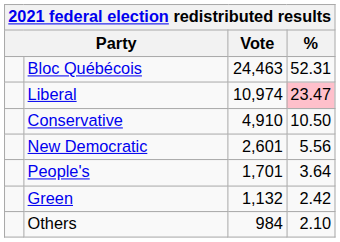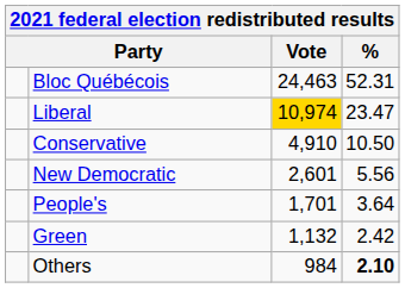 <table class="wikitable">
 <tr>
 <th colspan="4"><a href='#'>2021 federal election</a> redistributed results</th>
 </tr>
 <tr>
 <th bgcolor="#DDDDFF" width="130px" colspan="2">Party</th>
 <th bgcolor="#DDDDFF" width="50px">Vote</th>
 <th bgcolor="#DDDDFF" width="30px">%</th>
 </tr>
 <tr>
 <td> </td>
 <td><a href='#'>Bloc Québécois</a></td>
 <td align=right>24,463</td>
 <td align=right>52.31</td>
 </tr>
 <tr>
 <td> </td>
 <td><a href='#'>Liberal</a></td>
-<td align=right>10,974</td>
-<td align=right style="background: pink;">23.47</td>
+<td align=right style="background: gold;">10,974</td>
+<td align=right>23.47</td>
 </tr>
 <tr>
 <td> </td>
 <td><a href='#'>Conservative</a></td>
 <td align=right>4,910</td>
 <td align=right>10.50</td>
 </tr>
 <tr>
 <td> </td>
 <td><a href='#'>New Democratic</a></td>
 <td align=right>2,601</td>
 <td align=right>5.56</td>
 </tr>
 <tr>
 <td> </td>
 <td><a href='#'>People's</a></td>
 <td align=right>1,701</td>
 <td align=right>3.64</td>
 </tr>
 <tr>
 <td> </td>
 <td><a href='#'>Green</a></td>
 <td align=right>1,132</td>
 <td align=right>2.42</td>
 </tr>
 <tr>
 <td> </td>
 <td>Others</td>
 <td align=right>984</td>
-<td align=right>2.10</td>
+<td align=right><strong>2.10</strong></td>
 </tr>
 </table>
